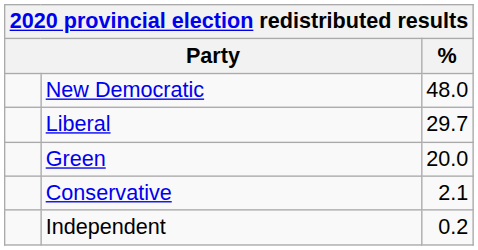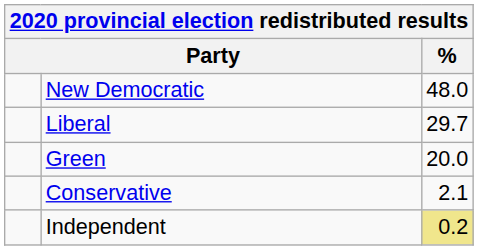 <table class="wikitable">
 <tr>
 <th colspan="4"><a href='#'>2020 provincial election</a> redistributed results</th>
 </tr>
 <tr>
 <th bgcolor="#DDDDFF" width="130px" colspan="2">Party</th>
 <th bgcolor="#DDDDFF" width="30px">%</th>
 </tr>
 <tr>
 <td> </td>
 <td><a href='#'>New Democratic</a></td>
 <td align=right>48.0</td>
 </tr>
 <tr>
 <td> </td>
 <td><a href='#'>Liberal</a></td>
 <td align=right>29.7</td>
 </tr>
 <tr>
 <td> </td>
 <td><a href='#'>Green</a></td>
 <td align=right>20.0</td>
 </tr>
 <tr>
 <td> </td>
 <td><a href='#'>Conservative</a></td>
 <td align=right>2.1</td>
 </tr>
 <tr>
 <td> </td>
 <td>Independent</td>
-<td align=right>0.2</td>
+<td align=right style="background: khaki;">0.2</td>
 </tr>
 </table>
